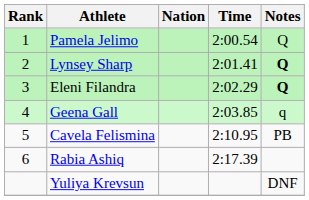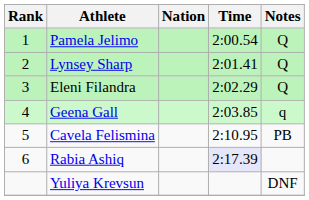 <table class="wikitable sortable" style="text-align:center">
 <tr>
 <th>Rank</th>
 <th>Athlete</th>
 <th>Nation</th>
 <th>Time</th>
 <th>Notes</th>
 </tr>
 <tr bgcolor=bbf3bb>
 <td>1</td>
 <td align=left><a href='#'>Pamela Jelimo</a></td>
 <td align=left></td>
 <td>2:00.54</td>
 <td>Q</td>
 </tr>
 <tr bgcolor=bbf3bb>
 <td>2</td>
 <td align=left><a href='#'>Lynsey Sharp</a></td>
 <td align=left></td>
 <td>2:01.41</td>
-<td><strong>Q</strong></td>
+<td>Q</td>
 </tr>
 <tr bgcolor=bbf3bb>
 <td>3</td>
 <td align=left>Eleni Filandra</td>
 <td align=left></td>
 <td>2:02.29</td>
-<td><strong>Q</strong></td>
+<td>Q</td>
 </tr>
 <tr bgcolor=#ccf9cc>
 <td>4</td>
 <td align=left><a href='#'>Geena Gall</a></td>
 <td align=left></td>
 <td>2:03.85</td>
 <td>q</td>
 </tr>
 <tr>
 <td>5</td>
 <td align=left><a href='#'>Cavela Felismina</a></td>
 <td align=left></td>
 <td>2:10.95</td>
 <td>PB</td>
 </tr>
 <tr>
 <td>6</td>
 <td align=left><a href='#'>Rabia Ashiq</a></td>
 <td align=left></td>
-<td>2:17.39</td>
+<td style="background: lavender;">2:17.39</td>
 <td></td>
 </tr>
 <tr>
 <td></td>
 <td align=left><a href='#'>Yuliya Krevsun</a></td>
 <td align=left></td>
 <td></td>
 <td>DNF</td>
 </tr>
 <tr>
 </tr>
 </table>
